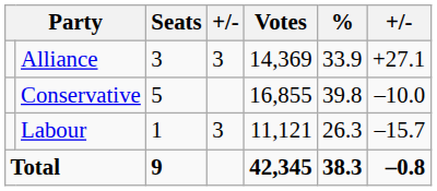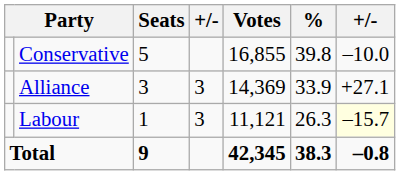 <table class="wikitable sortable">
 <tr>
 <th colspan="2">Party</th>
 <th>Seats</th>
 <th>+/-</th>
 <th>Votes</th>
 <th>%</th>
 <th>+/-</th>
+</tr>
+<tr>
+<td style="background-color: "></td>
+<td><a href='#'>Conservative</a></td>
+<td>5</td>
+<td></td>
+<td style="text-align:right;">16,855</td>
+<td style="text-align:right;">39.8</td>
+<td style="text-align:right;">–10.0</td>
 </tr>
 <tr>
 <td style="background-color: "></td>
 <td><a href='#'>Alliance</a></td>
 <td>3</td>
 <td> 3</td>
 <td style="text-align:right;">14,369</td>
 <td style="text-align:right;">33.9</td>
 <td style="text-align:right;">+27.1</td>
 </tr>
 <tr>
 <td style="background-color: "></td>
-<td><a href='#'>Conservative</a></td>
-<td>5</td>
-<td></td>
-<td style="text-align:right;">16,855</td>
-<td style="text-align:right;">39.8</td>
-<td style="text-align:right;">–10.0</td>
-</tr>
-<tr>
-<td style="background-color: "></td>
 <td><a href='#'>Labour</a></td>
 <td>1</td>
 <td> 3</td>
 <td style="text-align:right;">11,121</td>
 <td style="text-align:right;">26.3</td>
-<td style="text-align:right;">–15.7</td>
+<td style="background: lightyellow; text-align:right;">–15.7</td>
 </tr>
 <tr>
 <td colspan="2"><strong>Total</strong></td>
 <td><strong>9</strong></td>
 <td></td>
 <td style="text-align:right;"><strong>42,345</strong></td>
 <td style="text-align:right;"><strong>38.3</strong></td>
 <td style="text-align:right;"><strong>–0.8</strong></td>
 </tr>
 </table>
